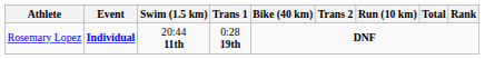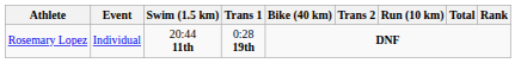 <table class="wikitable" style="font-size:90%">
 <tr>
 <th>Athlete</th>
 <th>Event</th>
 <th>Swim (1.5 km)</th>
 <th>Trans 1</th>
 <th>Bike (40 km)</th>
 <th>Trans 2</th>
 <th>Run (10 km)</th>
 <th>Total</th>
 <th>Rank</th>
 </tr>
 <tr>
 <td><a href='#'>Rosemary Lopez</a></td>
-<td><strong><a href='#'>Individual</a></strong></td>
+<td><a href='#'>Individual</a></td>
 <td align=center>20:44<br><strong>11th</strong></td>
 <td align=center>0:28<br><strong>19th</strong></td>
 <td style="text-align:center;" colspan="5"><strong>DNF</strong></td>
 </tr>
 </table>
